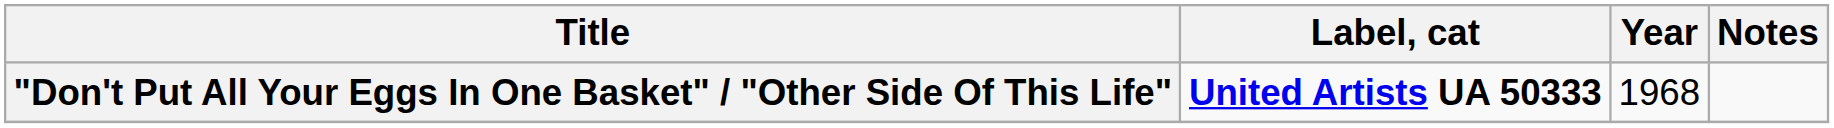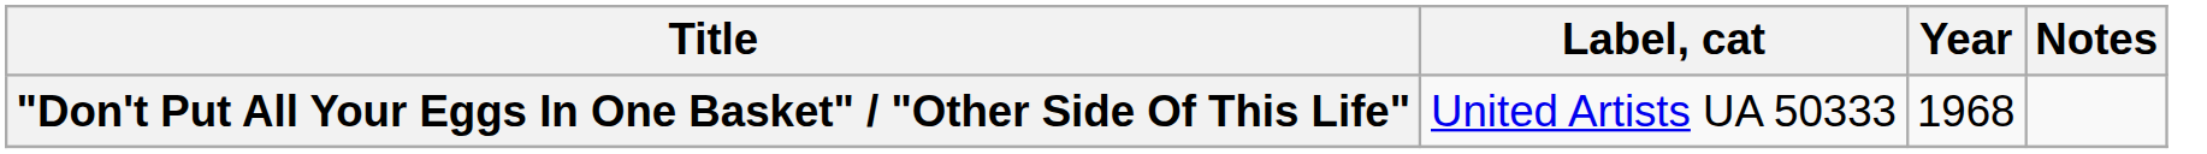 <table class="wikitable plainrowheaders sortable">
 <tr>
 <th scope="col">Title</th>
 <th scope="col">Label, cat</th>
 <th scope="col">Year</th>
 <th scope="col" class="unsortable">Notes</th>
 </tr>
 <tr>
 <th scope="row">"Don't Put All Your Eggs In One Basket" / "Other Side Of This Life"</th>
-<td><strong><a href='#'>United Artists</a> UA 50333</strong></td>
+<td><a href='#'>United Artists</a> UA 50333</td>
 <td>1968</td>
 <td></td>
 </tr>
 <tr>
 </tr>
 </table>
